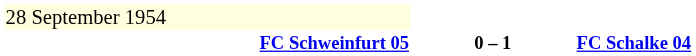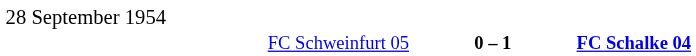 <table width=100% cellspacing=1>
 <tr>
 <th width=25%></th>
 <th width=10%></th>
 <th width=25%></th>
 <th></th>
 </tr>
 <tr>
-<td style="background: lightyellow;">28 September 1954</td>
+<td>28 September 1954</td>
 </tr>
 <tr style=font-size:90%>
-<td align=right><strong><a href='#'>FC Schweinfurt 05</a></strong></td>
+<td align=right><a href='#'>FC Schweinfurt 05</a></td>
 <td align=center><strong>0 – 1</strong></td>
 <td><strong><a href='#'>FC Schalke 04</a></strong></td>
 </tr>
 </table>
